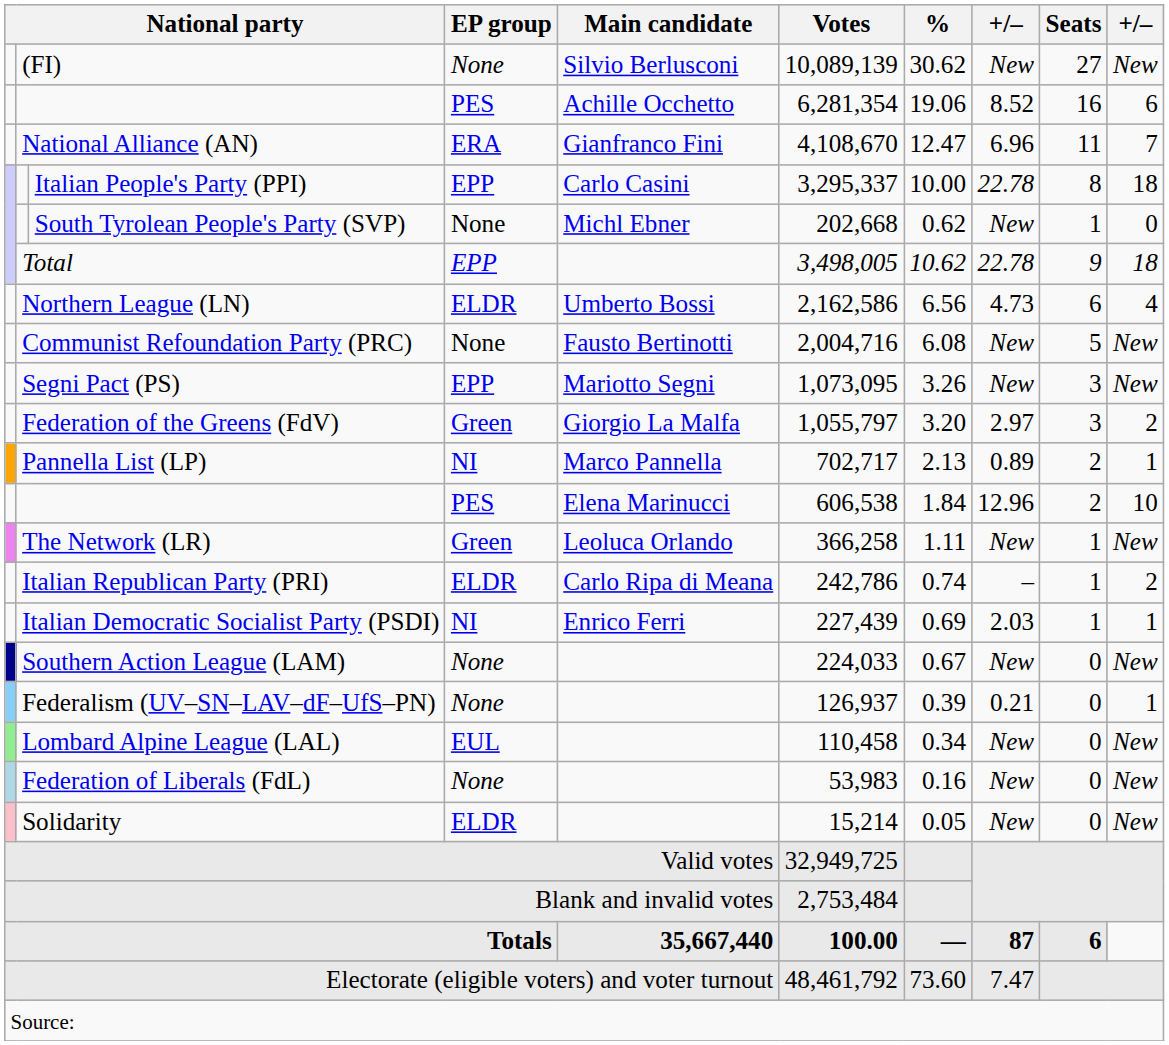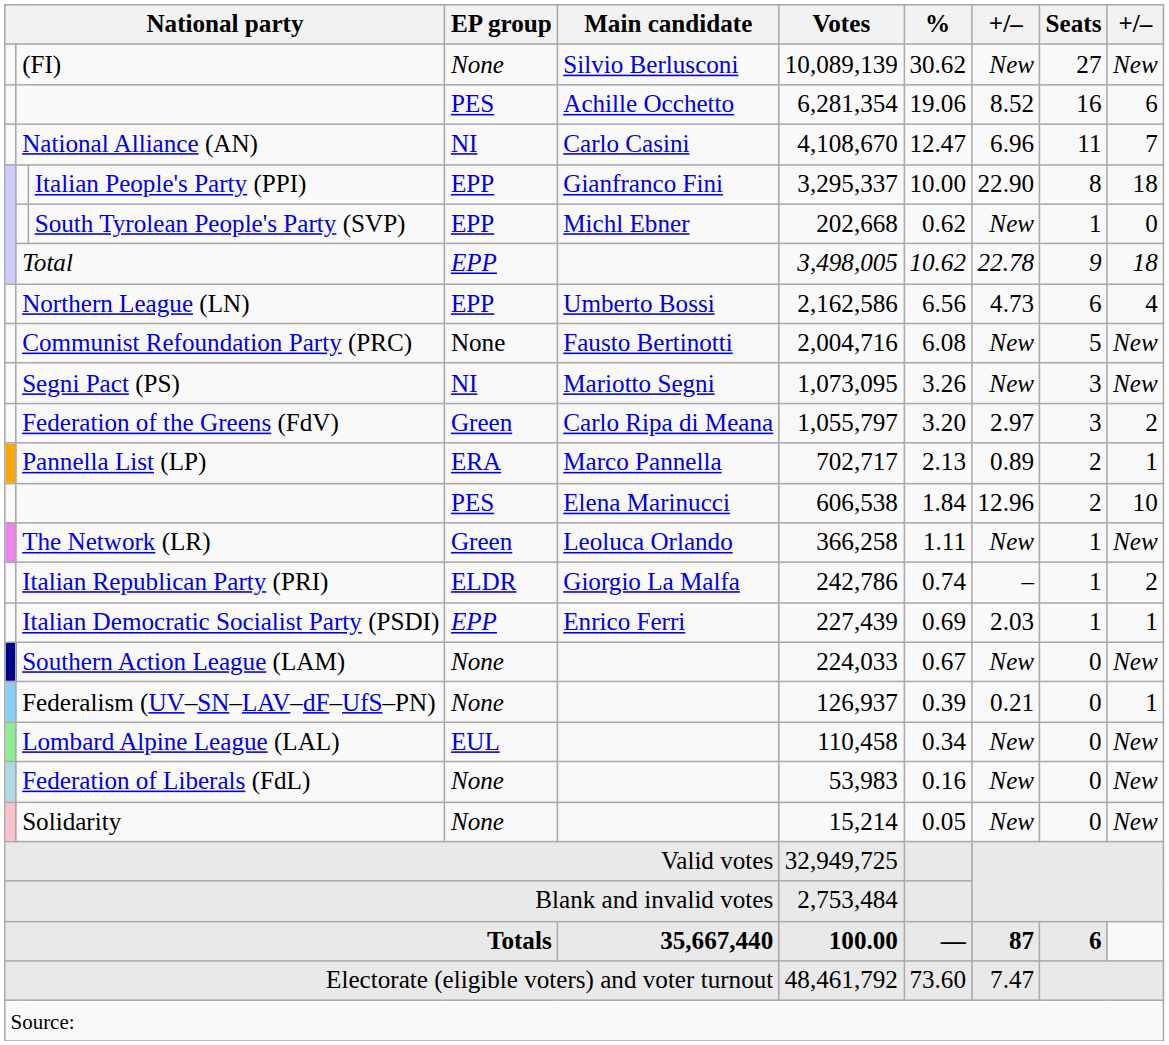 <table class=wikitable style=text-align:right>
 <tr style="text-align:right;">
 <th colspan="3">National party</th>
 <th>EP group</th>
 <th>Main candidate</th>
 <th>Votes</th>
 <th>%</th>
 <th>+/–</th>
 <th>Seats</th>
 <th>+/–</th>
 </tr>
 <tr>
 <td style="background-color:"></td>
 <td colspan="2" align=left> (FI)</td>
 <td align=left><em>None</em></td>
 <td align="left"><a href='#'>Silvio Berlusconi</a></td>
 <td align="right">10,089,139</td>
 <td align="right">30.62</td>
 <td align="right"><em>New</em></td>
 <td align="right">27</td>
 <td align="right"><span><em>New</em></span></td>
 </tr>
 <tr>
 <td style="background-color:"></td>
 <td colspan="2" align=left></td>
 <td align=left><a href='#'>PES</a></td>
 <td align="left"><a href='#'>Achille Occhetto</a></td>
 <td align="right">6,281,354</td>
 <td align="right">19.06</td>
 <td align="right">8.52 </td>
 <td align="right">16</td>
 <td align="right">6 </td>
 </tr>
 <tr>
 <td style="background-color:"></td>
 <td colspan="2" align=left><a href='#'>National Alliance</a> (AN)</td>
-<td align=left><a href='#'>ERA</a></td>
-<td align="left"><a href='#'>Gianfranco Fini</a></td>
+<td align=left><a href='#'>NI</a></td>
+<td align="left"><a href='#'>Carlo Casini</a></td>
 <td align="right">4,108,670</td>
 <td align="right">12.47</td>
 <td align="right">6.96 </td>
 <td align="right">11</td>
 <td align="right">7 </td>
 </tr>
 <tr>
 <td rowspan=3 style="background-color:#CCCCFF"></td>
 <td style="background-color:"></td>
 <td align=left><a href='#'>Italian People's Party</a> (PPI)</td>
 <td align=left><a href='#'>EPP</a></td>
-<td align="left"><a href='#'>Carlo Casini</a></td>
+<td align="left"><a href='#'>Gianfranco Fini</a></td>
 <td align="right">3,295,337</td>
 <td align="right">10.00</td>
-<td align="right"><em>22.78</em> </td>
+<td align="right">22.90 </td>
 <td align="right">8</td>
 <td align="right">18 </td>
 </tr>
 <tr>
 <td style="background-color: "></td>
 <td align=left><a href='#'>South Tyrolean People's Party</a> (SVP)</td>
-<td align=left>None</td>
+<td align=left><a href='#'>EPP</a></td>
 <td align="left"><a href='#'>Michl Ebner</a></td>
 <td align="right">202,668</td>
 <td align="right">0.62</td>
 <td align="right"><em>New</em></td>
 <td align="right">1</td>
 <td align="right">0 </td>
 </tr>
 <tr>
 <td align=left colspan=2><em>Total</em></td>
 <td align=left><em><a href='#'>EPP</a></em></td>
 <td align="left"></td>
 <td align="right"><em>3,498,005</em></td>
 <td align="right"><em>10.62</em></td>
 <td align="right"><em>22.78</em> </td>
 <td align="right"><em>9</em></td>
 <td align="right"><em>18</em> </td>
 </tr>
 <tr>
 <td style="background-color: "></td>
 <td colspan="2" align=left><a href='#'>Northern League</a> (LN)</td>
-<td align=left><a href='#'>ELDR</a></td>
+<td align=left><a href='#'>EPP</a></td>
 <td align="left"><a href='#'>Umberto Bossi</a></td>
 <td align="right">2,162,586</td>
 <td align="right">6.56</td>
 <td align="right">4.73 </td>
 <td align="right">6</td>
 <td align="right">4 </td>
 </tr>
 <tr>
 <td style="background-color: "></td>
 <td colspan="2" align=left><a href='#'>Communist Refoundation Party</a> (PRC)</td>
 <td align=left>None</td>
 <td align="left"><a href='#'>Fausto Bertinotti</a></td>
 <td align="right">2,004,716</td>
 <td align="right">6.08</td>
 <td align="right"><em>New</em></td>
 <td align="right">5</td>
 <td align="right"><em>New</em></td>
 </tr>
 <tr>
 <td style="background-color: "></td>
 <td colspan="2" align=left><a href='#'>Segni Pact</a> (PS)</td>
-<td align=left><a href='#'>EPP</a></td>
+<td align=left><a href='#'>NI</a></td>
 <td align="left"><a href='#'>Mariotto Segni</a></td>
 <td align="right">1,073,095</td>
 <td align="right">3.26</td>
 <td align="right"><em>New</em></td>
 <td align="right">3</td>
 <td align="right"><em>New</em></td>
 </tr>
 <tr>
 <td style="background-color: "></td>
 <td colspan="2" align=left><a href='#'>Federation of the Greens</a> (FdV)</td>
 <td align=left><a href='#'>Green</a></td>
-<td align="left"><a href='#'>Giorgio La Malfa</a></td>
+<td align="left"><a href='#'>Carlo Ripa di Meana</a></td>
 <td align="right">1,055,797</td>
 <td align="right">3.20</td>
 <td align="right">2.97 </td>
 <td align="right">3</td>
 <td align="right">2 </td>
 </tr>
 <tr>
 <td style="background-color: orange"></td>
 <td colspan="2" align=left><a href='#'>Pannella List</a> (LP)</td>
-<td align=left><a href='#'>NI</a></td>
+<td align=left><a href='#'>ERA</a></td>
 <td align="left"><a href='#'>Marco Pannella</a></td>
 <td align="right">702,717</td>
 <td align="right">2.13</td>
 <td align="right">0.89 </td>
 <td align="right">2</td>
 <td align="right">1 </td>
 </tr>
 <tr>
 <td style="background-color:"></td>
 <td colspan="2" align=left></td>
 <td align=left><a href='#'>PES</a></td>
 <td align="left"><a href='#'>Elena Marinucci</a></td>
 <td align="right">606,538</td>
 <td align="right">1.84</td>
 <td align="right">12.96 </td>
 <td align="right">2</td>
 <td align="right">10 </td>
 </tr>
 <tr>
 <td style="background-color: violet"></td>
 <td colspan="2" align=left><a href='#'>The Network</a> (LR)</td>
 <td align=left><a href='#'>Green</a></td>
 <td align="left"><a href='#'>Leoluca Orlando</a></td>
 <td align="right">366,258</td>
 <td align="right">1.11</td>
 <td align="right"><em>New</em></td>
 <td align="right">1</td>
 <td align="right"><em>New</em></td>
 </tr>
 <tr>
 <td style="background-color: "></td>
 <td colspan="2" align=left><a href='#'>Italian Republican Party</a> (PRI)</td>
 <td align=left><a href='#'>ELDR</a></td>
-<td align="left"><a href='#'>Carlo Ripa di Meana</a></td>
+<td align="left"><a href='#'>Giorgio La Malfa</a></td>
 <td align="right">242,786</td>
 <td align="right">0.74</td>
 <td align="right">–</td>
 <td align="right">1</td>
 <td align="right">2 </td>
 </tr>
 <tr>
 <td style="background-color: "></td>
 <td colspan="2" align=left><a href='#'>Italian Democratic Socialist Party</a> (PSDI)</td>
-<td align=left><a href='#'>NI</a></td>
+<td align=left><em><a href='#'>EPP</a></em></td>
 <td align="left"><a href='#'>Enrico Ferri</a></td>
 <td align="right">227,439</td>
 <td align="right">0.69</td>
 <td align="right">2.03 </td>
 <td align="right">1</td>
 <td align="right">1 </td>
 </tr>
 <tr>
 <td style="background-color: darkblue"></td>
 <td colspan="2" align=left><a href='#'>Southern Action League</a> (LAM)</td>
 <td align=left><em>None</em></td>
 <td align="left"></td>
 <td align="right">224,033</td>
 <td align="right">0.67</td>
 <td align="right"><em>New</em></td>
 <td align="right">0</td>
 <td align="right"><em>New</em></td>
 </tr>
 <tr>
 <td style="background-color: lightskyblue"></td>
 <td colspan="2" align=left>Federalism (<a href='#'>UV</a>–<a href='#'>SN</a>–<a href='#'>LAV</a>–<a href='#'>dF</a>–<a href='#'>UfS</a>–PN)</td>
 <td align=left><em>None</em></td>
 <td align="left"></td>
 <td align="right">126,937</td>
 <td align="right">0.39</td>
 <td align="right">0.21 </td>
 <td align="right">0</td>
 <td align="right">1 </td>
 </tr>
 <tr>
 <td style="background-color:lightgreen"></td>
 <td colspan="2" align=left><a href='#'>Lombard Alpine League</a> (LAL)</td>
 <td align=left><a href='#'>EUL</a></td>
 <td align="left"></td>
 <td align="right">110,458</td>
 <td align="right">0.34</td>
 <td align="right"><em>New</em></td>
 <td align="right">0</td>
 <td align="right"><em>New</em></td>
 </tr>
 <tr>
 <td style="background-color:lightblue"></td>
 <td colspan="2" align=left><a href='#'>Federation of Liberals</a> (FdL)</td>
 <td align=left><em>None</em></td>
 <td align="left"></td>
 <td align="right">53,983</td>
 <td align="right">0.16</td>
 <td align="right"><em>New</em></td>
 <td align="right">0</td>
 <td align="right"><em>New</em></td>
 </tr>
 <tr>
 <td style="background-color: pink"></td>
 <td colspan="2" align=left>Solidarity</td>
-<td align=left><a href='#'>ELDR</a></td>
+<td align=left><em>None</em></td>
 <td align="left"></td>
 <td align="right">15,214</td>
 <td align="right">0.05</td>
 <td align="right"><em>New</em></td>
 <td align="right">0</td>
 <td align="right"><em>New</em></td>
 </tr>
 <tr style="background-color:#E9E9E9">
 <td style="text-align:right;" colspan="5">Valid votes</td>
 <td>32,949,725</td>
 <td></td>
 <td colspan="4" rowspan="2"></td>
 </tr>
 <tr style="background-color:#E9E9E9">
 <td style="text-align:right;" colspan="5">Blank and invalid votes</td>
 <td>2,753,484</td>
 <td></td>
 </tr>
 <tr style="background-color:#E9E9E9">
 <td style="text-align:right;" colspan="4"><strong>Totals</strong></td>
 <td><strong>35,667,440</strong></td>
 <td><strong>100.00</strong></td>
 <td><strong>—</strong></td>
 <td><strong>87</strong></td>
 <td><strong>6 </strong></td>
 </tr>
 <tr style="background-color:#E9E9E9">
 <td colspan="5">Electorate (eligible voters) and voter turnout</td>
 <td>48,461,792</td>
 <td>73.60</td>
 <td>7.47 </td>
 <td colspan="2"></td>
 </tr>
 <tr>
 <td align=left colspan=10><small>Source: </small></td>
 </tr>
 </table>
